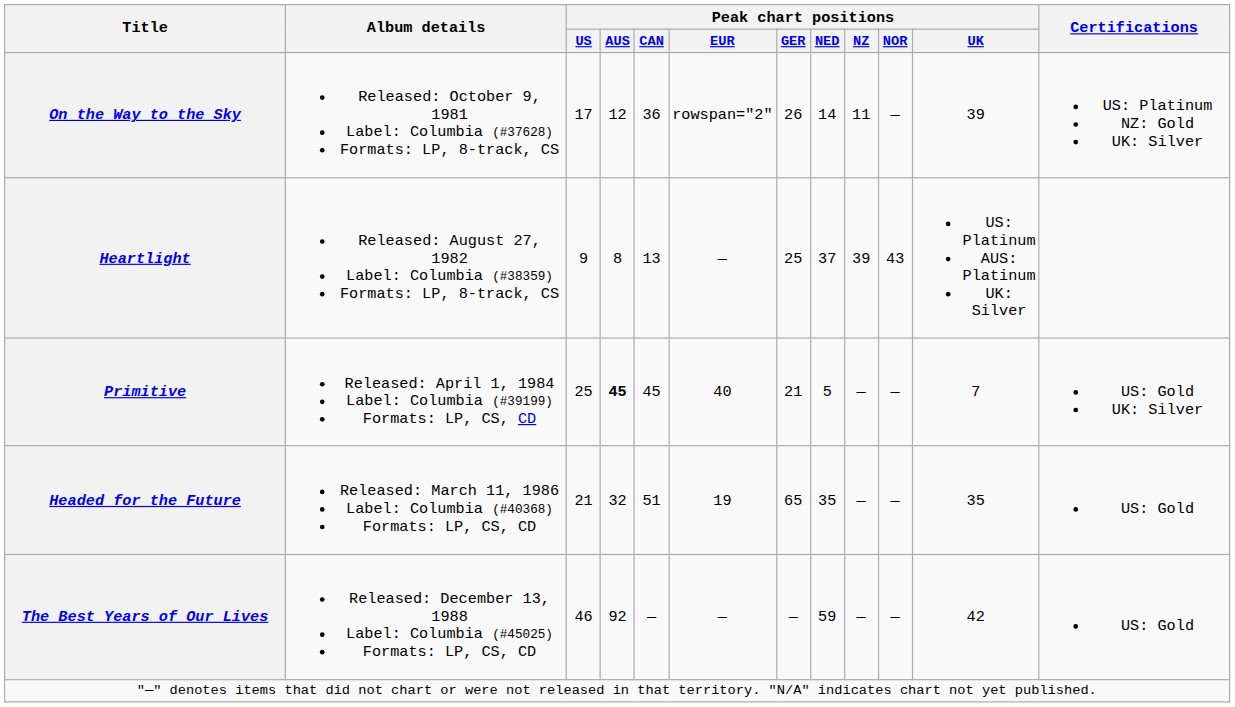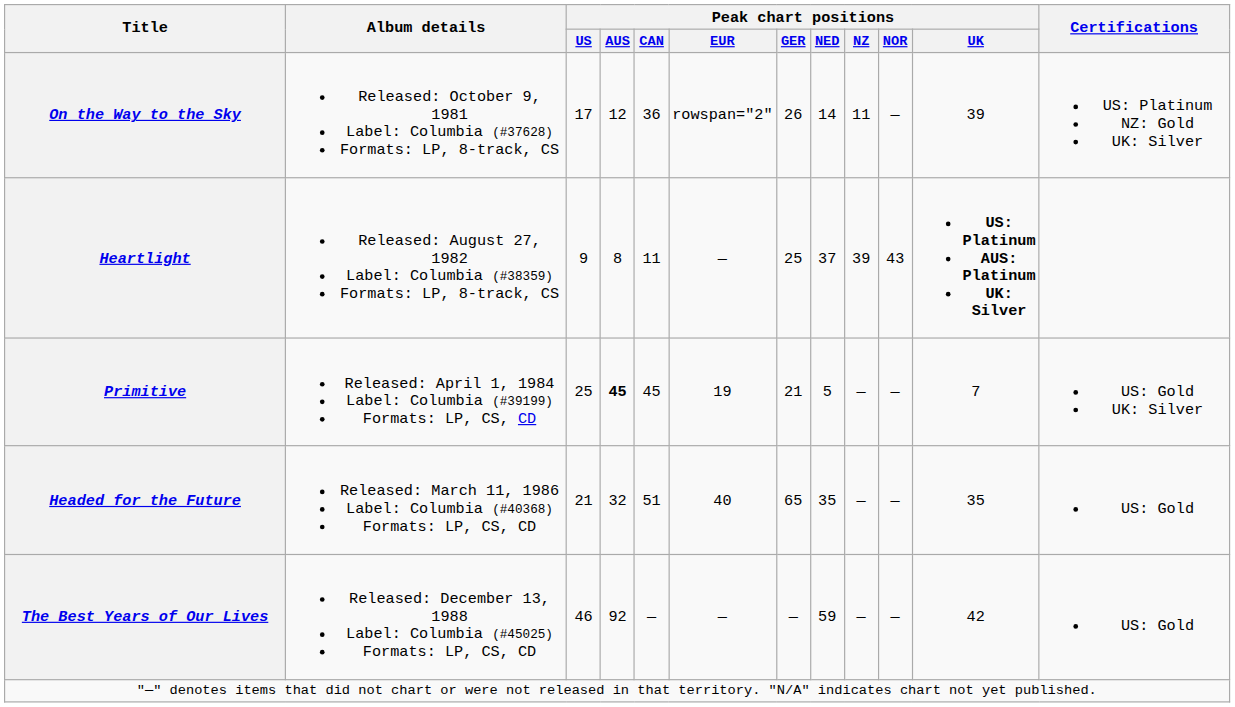 <table class="wikitable plainrowheaders" style="text-align:center;">
 <tr>
 <th scope="col" rowspan="2" style="width:18em;">Title</th>
 <th scope="col" rowspan="2" style="width:18em;">Album details</th>
 <th scope="col" colspan="9">Peak chart positions</th>
 <th scope="col" rowspan="2" style="width:12em;"><a href='#'>Certifications</a></th>
 </tr>
 <tr>
 <th style="width:2em;font-size:90%;"><a href='#'>US</a><br></th>
 <th style="width:2em;font-size:90%;"><a href='#'>AUS</a><br></th>
 <th style="width:2em;font-size:90%;"><a href='#'>CAN</a><br></th>
 <th style="width:2em;font-size:90%;"><a href='#'>EUR</a><br></th>
 <th style="width:2em;font-size:90%;"><a href='#'>GER</a><br></th>
 <th style="width:2em;font-size:90%;"><a href='#'>NED</a><br></th>
 <th style="width:2em;font-size:90%;"><a href='#'>NZ</a><br></th>
 <th style="width:2em;font-size:90%;"><a href='#'>NOR</a><br></th>
 <th style="width:2em;font-size:90%;"><a href='#'>UK</a><br></th>
 </tr>
 <tr>
 <th scope="row"><em><a href='#'>On the Way to the Sky</a></em></th>
 <td><br><ul><li>Released: October 9, 1981</li><li>Label: Columbia <small>(#37628)</small></li><li>Formats: LP, 8-track, CS</li></ul></td>
 <td>17</td>
 <td>12</td>
 <td>36</td>
 <td>rowspan="2" </td>
 <td>26</td>
 <td>14</td>
 <td>11</td>
 <td>—</td>
 <td>39</td>
 <td><br><ul><li>US: Platinum</li><li>NZ: Gold</li><li>UK: Silver</li></ul></td>
 </tr>
 <tr>
 <th scope="row"><em><a href='#'>Heartlight</a></em></th>
 <td><br><ul><li>Released: August 27, 1982</li><li>Label: Columbia <small>(#38359)</small></li><li>Formats: LP, 8-track, CS</li></ul></td>
 <td>9</td>
 <td>8</td>
-<td>13</td>
+<td>11</td>
 <td>—</td>
 <td>25</td>
 <td>37</td>
 <td>39</td>
 <td>43</td>
-<td><br><ul><li>US: Platinum</li><li>AUS: Platinum</li><li>UK: Silver</li></ul></td>
+<td><strong><br><ul><li>US: Platinum</li><li>AUS: Platinum</li><li>UK: Silver</li></ul></strong></td>
 </tr>
 <tr>
 <th scope="row"><em><a href='#'>Primitive</a></em></th>
 <td><br><ul><li>Released: April 1, 1984</li><li>Label: Columbia <small>(#39199)</small></li><li>Formats: LP, CS, <a href='#'>CD</a></li></ul></td>
 <td>25</td>
 <td><strong>45</strong></td>
 <td>45</td>
-<td>40</td>
+<td>19</td>
 <td>21</td>
 <td>5</td>
 <td>—</td>
 <td>—</td>
 <td>7</td>
 <td><br><ul><li>US: Gold</li><li>UK: Silver</li></ul></td>
 </tr>
 <tr>
 <th scope="row"><em><a href='#'>Headed for the Future</a></em></th>
 <td><br><ul><li>Released: March 11, 1986</li><li>Label: Columbia <small>(#40368)</small></li><li>Formats: LP, CS, CD</li></ul></td>
 <td>21</td>
 <td>32</td>
 <td>51</td>
-<td>19</td>
+<td>40</td>
 <td>65</td>
 <td>35</td>
 <td>—</td>
 <td>—</td>
 <td>35</td>
 <td><br><ul><li>US: Gold</li></ul></td>
 </tr>
 <tr>
 <th scope="row"><em><a href='#'>The Best Years of Our Lives</a></em></th>
 <td><br><ul><li>Released: December 13, 1988</li><li>Label: Columbia <small>(#45025)</small></li><li>Formats: LP, CS, CD</li></ul></td>
 <td>46</td>
 <td>92</td>
 <td>—</td>
 <td>—</td>
 <td>—</td>
 <td>59</td>
 <td>—</td>
 <td>—</td>
 <td>42</td>
 <td><br><ul><li>US: Gold</li></ul></td>
 </tr>
 <tr>
 <td align="center" colspan="15" style="font-size:90%">"—" denotes items that did not chart or were not released in that territory. "N/A" indicates chart not yet published.</td>
 </tr>
 </table>
